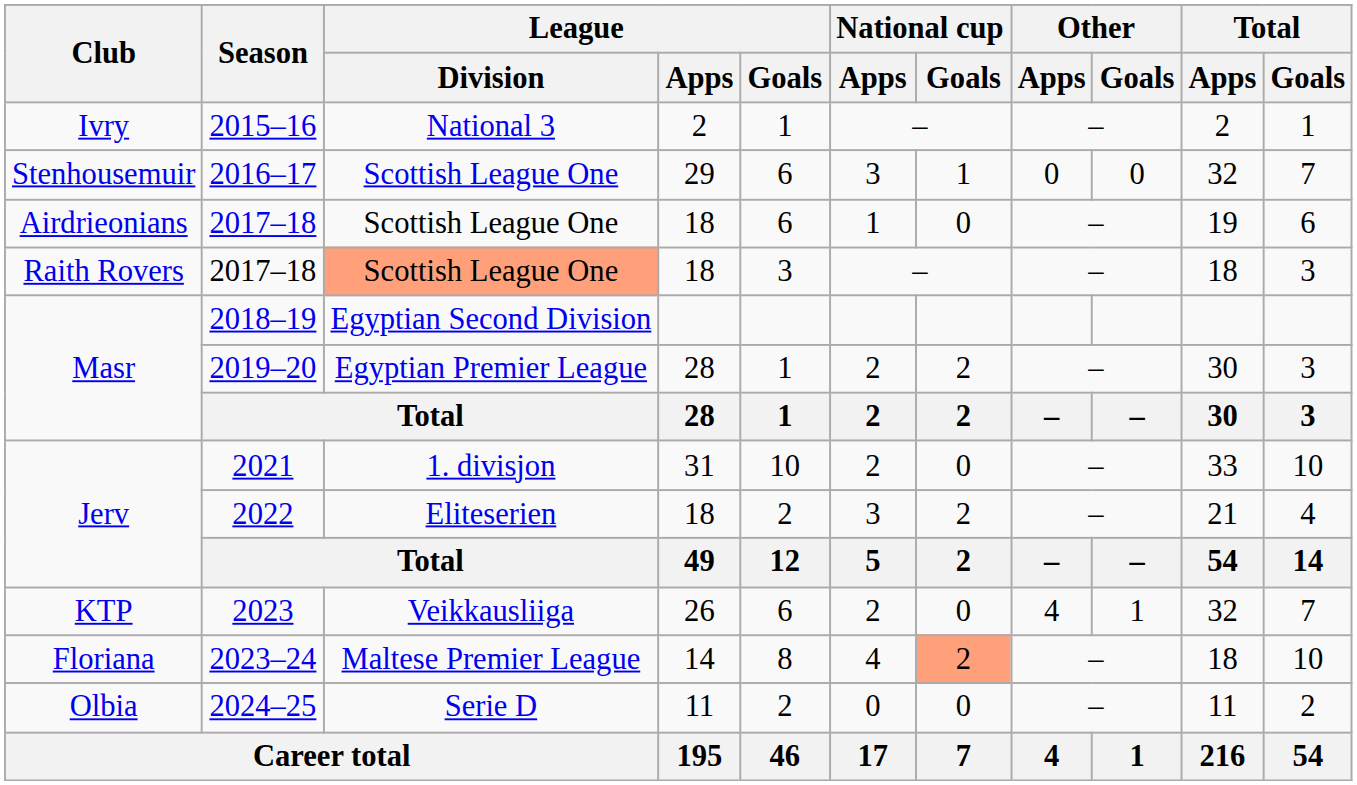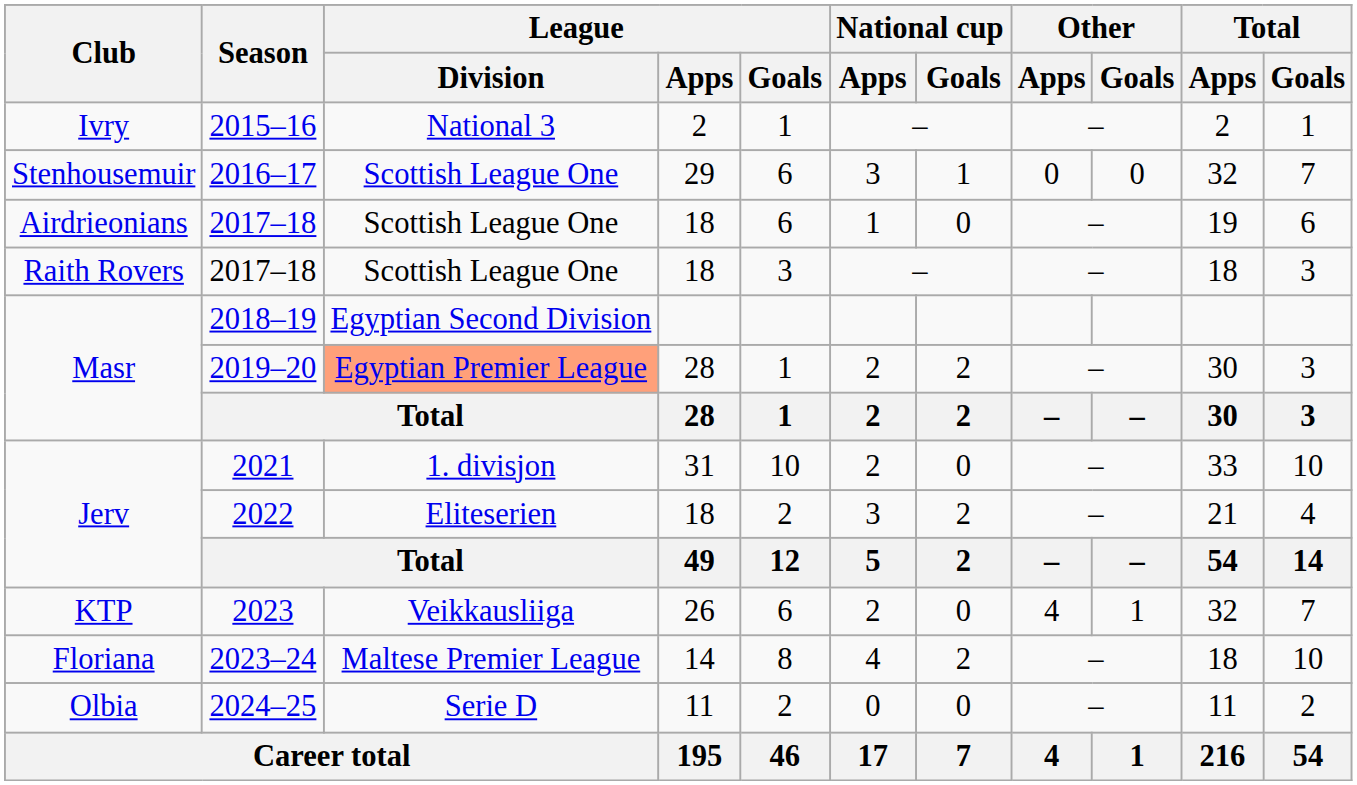 <table class="wikitable" style="text-align:center">
 <tr>
 <th rowspan="2">Club</th>
 <th rowspan="2">Season</th>
 <th colspan="3">League</th>
 <th colspan="2">National cup</th>
 <th colspan="2">Other</th>
 <th colspan="2">Total</th>
 </tr>
 <tr>
 <th>Division</th>
 <th>Apps</th>
 <th>Goals</th>
 <th>Apps</th>
 <th>Goals</th>
 <th>Apps</th>
 <th>Goals</th>
 <th>Apps</th>
 <th>Goals</th>
 </tr>
 <tr>
 <td><a href='#'>Ivry</a></td>
 <td><a href='#'>2015–16</a></td>
 <td><a href='#'>National 3</a></td>
 <td>2</td>
 <td>1</td>
 <td colspan="2">–</td>
 <td colspan="2">–</td>
 <td>2</td>
 <td>1</td>
 </tr>
 <tr>
 <td><a href='#'>Stenhousemuir</a></td>
 <td><a href='#'>2016–17</a></td>
 <td><a href='#'>Scottish League One</a></td>
 <td>29</td>
 <td>6</td>
 <td>3</td>
 <td>1</td>
 <td>0</td>
 <td>0</td>
 <td>32</td>
 <td>7</td>
 </tr>
 <tr>
 <td><a href='#'>Airdrieonians</a></td>
 <td><a href='#'>2017–18</a></td>
 <td>Scottish League One</td>
 <td>18</td>
 <td>6</td>
 <td>1</td>
 <td>0</td>
 <td colspan="2">–</td>
 <td>19</td>
 <td>6</td>
 </tr>
 <tr>
 <td><a href='#'>Raith Rovers</a></td>
 <td>2017–18</td>
-<td style="background: lightsalmon;">Scottish League One</td>
+<td>Scottish League One</td>
 <td>18</td>
 <td>3</td>
 <td colspan="2">–</td>
 <td colspan="2">–</td>
 <td>18</td>
 <td>3</td>
 </tr>
 <tr>
 <td rowspan="3"><a href='#'>Masr</a></td>
 <td><a href='#'>2018–19</a></td>
 <td><a href='#'>Egyptian Second Division</a></td>
 <td></td>
 <td></td>
 <td></td>
 <td></td>
 <td></td>
 <td></td>
 <td></td>
 <td></td>
 </tr>
 <tr>
 <td><a href='#'>2019–20</a></td>
-<td><a href='#'>Egyptian Premier League</a></td>
+<td style="background: lightsalmon;"><a href='#'>Egyptian Premier League</a></td>
 <td>28</td>
 <td>1</td>
 <td>2</td>
 <td>2</td>
 <td colspan="2">–</td>
 <td>30</td>
 <td>3</td>
 </tr>
 <tr>
 <th colspan="2">Total</th>
 <th>28</th>
 <th>1</th>
 <th>2</th>
 <th>2</th>
 <th>–</th>
 <th>–</th>
 <th>30</th>
 <th>3</th>
 </tr>
 <tr>
 <td rowspan="3"><a href='#'>Jerv</a></td>
 <td><a href='#'>2021</a></td>
 <td><a href='#'>1. divisjon</a></td>
 <td>31</td>
 <td>10</td>
 <td>2</td>
 <td>0</td>
 <td colspan="2">–</td>
 <td>33</td>
 <td>10</td>
 </tr>
 <tr>
 <td><a href='#'>2022</a></td>
 <td><a href='#'>Eliteserien</a></td>
 <td>18</td>
 <td>2</td>
 <td>3</td>
 <td>2</td>
 <td colspan="2">–</td>
 <td>21</td>
 <td>4</td>
 </tr>
 <tr>
 <th colspan="2">Total</th>
 <th>49</th>
 <th>12</th>
 <th>5</th>
 <th>2</th>
 <th>–</th>
 <th>–</th>
 <th>54</th>
 <th>14</th>
 </tr>
 <tr>
 <td><a href='#'>KTP</a></td>
 <td><a href='#'>2023</a></td>
 <td><a href='#'>Veikkausliiga</a></td>
 <td>26</td>
 <td>6</td>
 <td>2</td>
 <td>0</td>
 <td>4</td>
 <td>1</td>
 <td>32</td>
 <td>7</td>
 </tr>
 <tr>
 <td><a href='#'>Floriana</a></td>
 <td><a href='#'>2023–24</a></td>
 <td><a href='#'>Maltese Premier League</a></td>
 <td>14</td>
 <td>8</td>
 <td>4</td>
-<td style="background: lightsalmon;">2</td>
+<td>2</td>
 <td colspan="2">–</td>
 <td>18</td>
 <td>10</td>
 </tr>
 <tr>
 <td><a href='#'>Olbia</a></td>
 <td><a href='#'>2024–25</a></td>
 <td><a href='#'>Serie D</a></td>
 <td>11</td>
 <td>2</td>
 <td>0</td>
 <td>0</td>
 <td colspan="2">–</td>
 <td>11</td>
 <td>2</td>
 </tr>
 <tr>
 <th colspan="3">Career total</th>
 <th>195</th>
 <th>46</th>
 <th>17</th>
 <th>7</th>
 <th>4</th>
 <th>1</th>
 <th>216</th>
 <th>54</th>
 </tr>
 </table>
